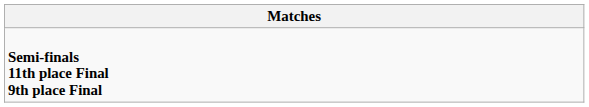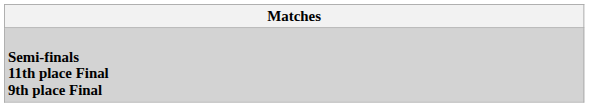 <table class="wikitable collapsible collapsed" style="width:100%;">
 <tr>
 <th>Matches</th>
 </tr>
 <tr>
-<td><br><strong>Semi-finals</strong>  <br><strong>11th place Final</strong> <br><strong>9th place Final</strong> </td>
+<td style="background: lightgrey;"><br><strong>Semi-finals</strong>  <br><strong>11th place Final</strong> <br><strong>9th place Final</strong> </td>
 </tr>
 </table>
